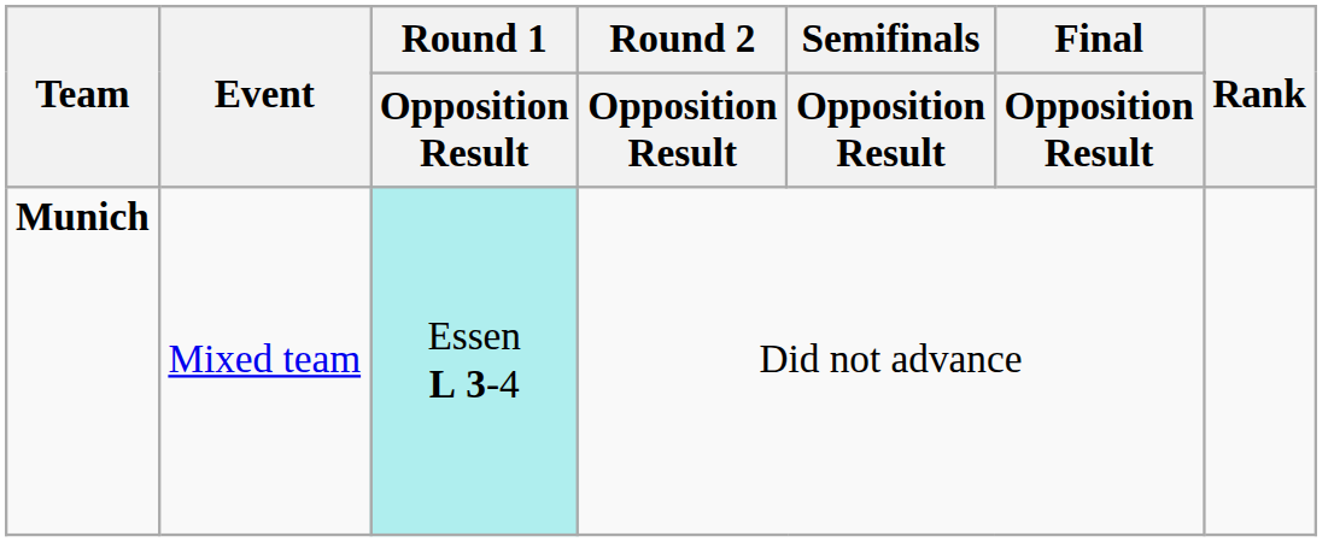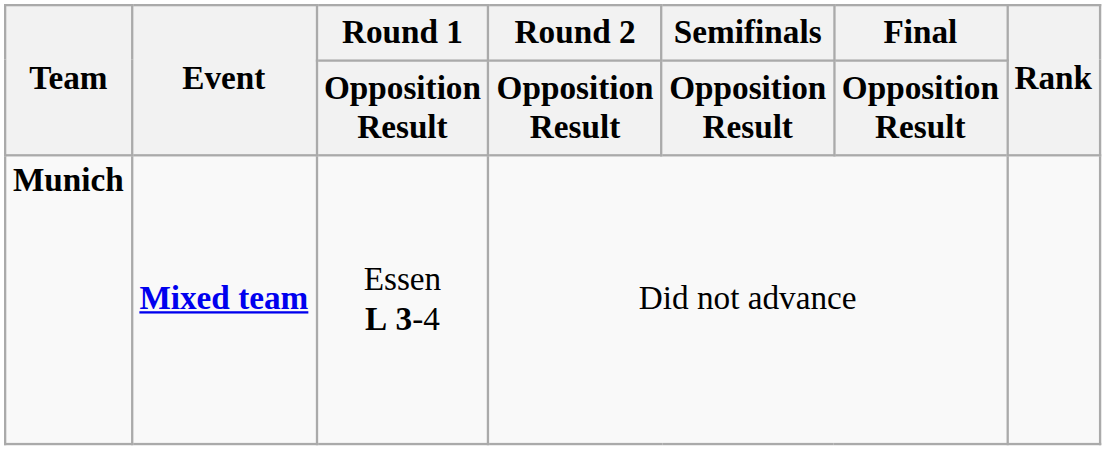 <table class="wikitable" border="1" style="font-size:90%">
 <tr>
 <th rowspan=2>Team</th>
 <th rowspan=2>Event</th>
 <th>Round 1</th>
 <th>Round 2</th>
 <th>Semifinals</th>
 <th>Final</th>
 <th rowspan=2>Rank</th>
 </tr>
 <tr>
 <th>Opposition<br>Result</th>
 <th>Opposition<br>Result</th>
 <th>Opposition<br>Result</th>
 <th>Opposition<br>Result</th>
 </tr>
 <tr>
 <td><strong>Munich</strong><br><br><br><br><br><br><br></td>
-<td><a href='#'>Mixed team</a></td>
-<td align=center style="background: paleturquoise;">Essen <br> <strong>L</strong> <strong>3</strong>-4</td>
+<td><strong><a href='#'>Mixed team</a></strong></td>
+<td align=center>Essen <br> <strong>L</strong> <strong>3</strong>-4</td>
 <td align=center colspan=3>Did not advance</td>
 <td align=center></td>
 </tr>
 </table>
